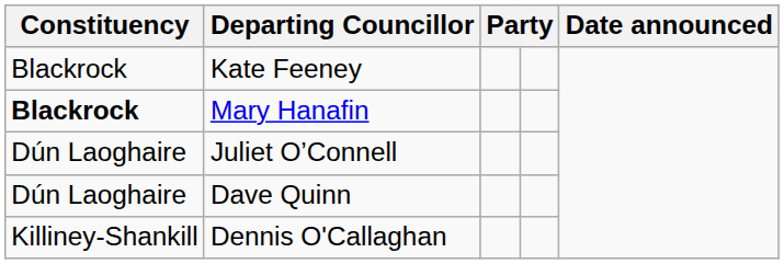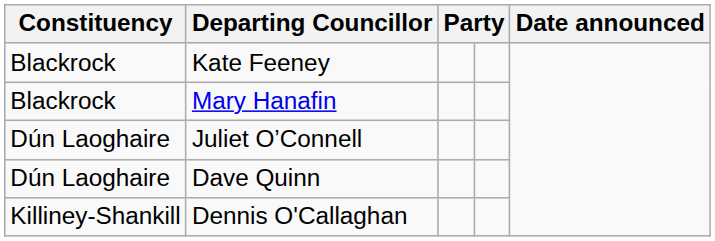 <table class="wikitable sortable">
 <tr>
 <th>Constituency</th>
 <th>Departing Councillor</th>
 <th colspan="2">Party</th>
 <th>Date announced</th>
 </tr>
 <tr>
 <td>Blackrock</td>
 <td>Kate Feeney</td>
 <td></td>
 <td></td>
 </tr>
 <tr>
-<td><strong>Blackrock</strong></td>
+<td>Blackrock</td>
 <td><a href='#'>Mary Hanafin</a></td>
 <td></td>
 <td></td>
 </tr>
 <tr>
 <td>Dún Laoghaire</td>
 <td>Juliet O’Connell</td>
 <td></td>
 <td></td>
 </tr>
 <tr>
 <td>Dún Laoghaire</td>
 <td>Dave Quinn</td>
 <td></td>
 <td></td>
 </tr>
 <tr>
 <td>Killiney-Shankill</td>
 <td>Dennis O'Callaghan</td>
 <td></td>
 <td></td>
 </tr>
 </table>
